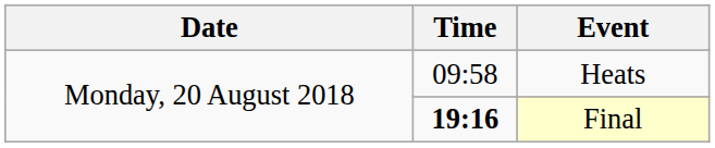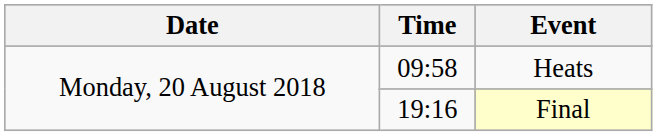 <table class = "wikitable" style="text-align:center;">
 <tr>
 <th width=220>Date</th>
 <th width=50>Time</th>
 <th width=100>Event</th>
 </tr>
 <tr>
 <td rowspan=2>Monday, 20 August 2018</td>
 <td>09:58</td>
 <td>Heats</td>
 </tr>
 <tr>
-<td><strong>19:16</strong></td>
+<td>19:16</td>
 <td bgcolor=ffffcc>Final</td>
 </tr>
 </table>
